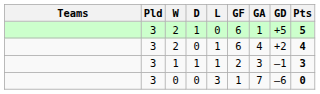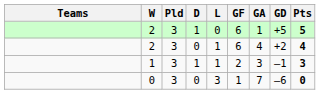 <table class="wikitable" style="text-align: center;">
 <tr>
 <th width=165>Teams</th>
+<th width=20>W</th>
 <th width=20>Pld</th>
-<th width=20>W</th>
 <th width=20>D</th>
 <th width=20>L</th>
 <th width=20>GF</th>
 <th width=20>GA</th>
 <th width=20>GD</th>
 <th width=20>Pts</th>
 </tr>
 <tr align=center style="background:#ccffcc;">
 <td style="text-align:left;"></td>
+<td>2</td>
 <td>3</td>
-<td>2</td>
 <td>1</td>
 <td>0</td>
 <td>6</td>
 <td>1</td>
 <td>+5</td>
 <td><strong>5</strong></td>
 </tr>
 <tr align=center>
 <td style="text-align:left;"></td>
+<td>2</td>
 <td>3</td>
-<td>2</td>
 <td>0</td>
 <td>1</td>
 <td>6</td>
 <td>4</td>
 <td>+2</td>
 <td><strong>4</strong></td>
 </tr>
 <tr align=center>
 <td style="text-align:left;"></td>
+<td>1</td>
 <td>3</td>
-<td>1</td>
 <td>1</td>
 <td>1</td>
 <td>2</td>
 <td>3</td>
 <td>–1</td>
 <td><strong>3</strong></td>
 </tr>
 <tr align=center>
 <td style="text-align:left;"></td>
+<td>0</td>
 <td>3</td>
-<td>0</td>
 <td>0</td>
 <td>3</td>
 <td>1</td>
 <td>7</td>
 <td>–6</td>
 <td><strong>0</strong></td>
 </tr>
 </table>
